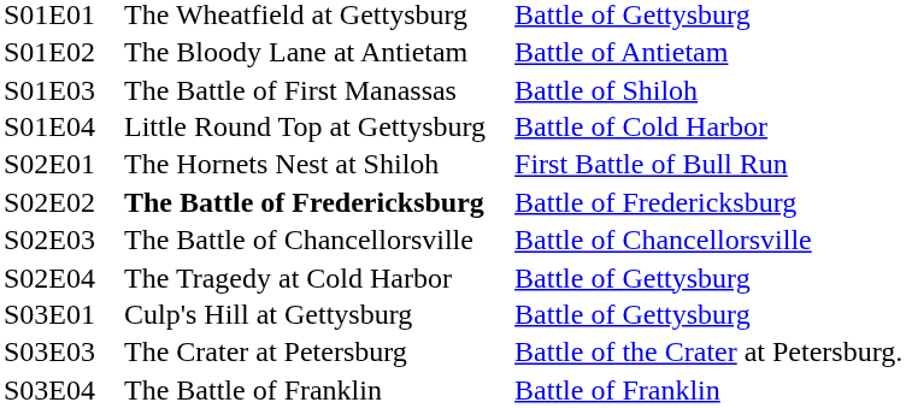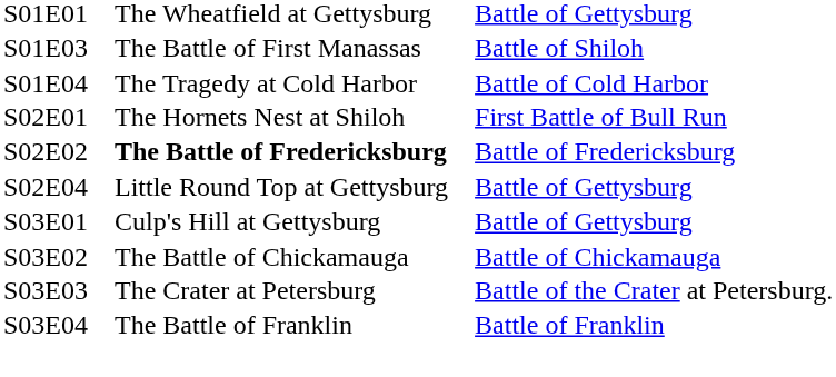 <table cellspacing=0 cellpadding=0 style="line-height:130%">
 <tr>
 <td>S01E01 </td>
 <td>The Wheatfield at Gettysburg</td>
 <td><a href='#'>Battle of Gettysburg</a></td>
-</tr>
-<tr>
-<td>S01E02</td>
-<td>The Bloody Lane at Antietam</td>
-<td><a href='#'>Battle of Antietam</a></td>
 </tr>
 <tr>
 <td>S01E03</td>
 <td>The Battle of First Manassas</td>
 <td><a href='#'>Battle of Shiloh</a></td>
 </tr>
 <tr>
 <td>S01E04</td>
-<td>Little Round Top at Gettysburg </td>
+<td>The Tragedy at Cold Harbor</td>
 <td><a href='#'>Battle of Cold Harbor</a></td>
 </tr>
 <tr>
 <td>S02E01</td>
 <td>The Hornets Nest at Shiloh</td>
 <td><a href='#'>First Battle of Bull Run</a></td>
 </tr>
 <tr>
 <td>S02E02</td>
 <td><strong>The Battle of Fredericksburg</strong></td>
 <td><a href='#'>Battle of Fredericksburg</a></td>
 </tr>
 <tr>
-<td>S02E03</td>
-<td>The Battle of Chancellorsville</td>
-<td><a href='#'>Battle of Chancellorsville</a></td>
-</tr>
-<tr>
 <td>S02E04</td>
-<td>The Tragedy at Cold Harbor</td>
+<td>Little Round Top at Gettysburg </td>
 <td><a href='#'>Battle of Gettysburg</a></td>
 </tr>
 <tr>
 <td>S03E01</td>
 <td>Culp's Hill at Gettysburg</td>
 <td><a href='#'>Battle of Gettysburg</a></td>
+</tr>
+<tr>
+<td>S03E02</td>
+<td>The Battle of Chickamauga</td>
+<td><a href='#'>Battle of Chickamauga</a></td>
 </tr>
 <tr>
 <td>S03E03</td>
 <td>The Crater at Petersburg</td>
 <td><a href='#'>Battle of the Crater</a> at Petersburg.</td>
 </tr>
 <tr>
 <td>S03E04</td>
 <td>The Battle of Franklin</td>
 <td><a href='#'>Battle of Franklin</a></td>
 </tr>
 </table>
